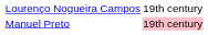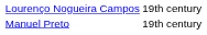 <table>
 <tr>
 <td><a href='#'>Lourenço Nogueira Campos</a></td>
 <td>19th century</td>
 </tr>
 <tr>
 <td><a href='#'>Manuel Preto</a></td>
-<td style="background: pink;">19th century</td>
+<td>19th century</td>
 </tr>
 </table>
